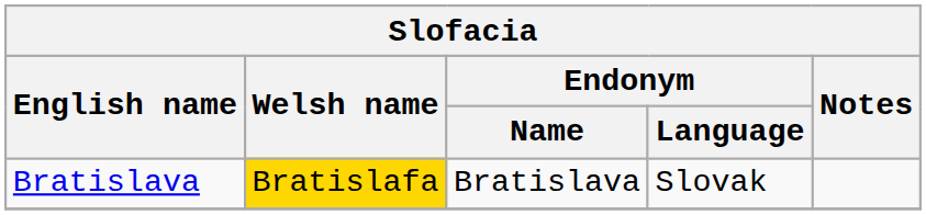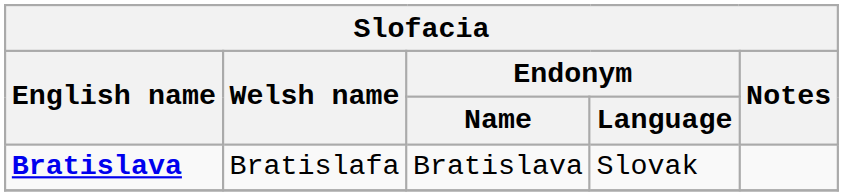 <table class="wikitable sortable">
 <tr>
 <th colspan="5"> Slofacia</th>
 </tr>
 <tr>
 <th rowspan="2">English name</th>
 <th rowspan="2">Welsh name</th>
 <th colspan="2">Endonym</th>
 <th rowspan="2">Notes</th>
 </tr>
 <tr>
 <th>Name</th>
 <th>Language</th>
 </tr>
 <tr>
-<td><a href='#'>Bratislava</a></td>
-<td style="background: gold;">Bratislafa</td>
+<td><strong><a href='#'>Bratislava</a></strong></td>
+<td>Bratislafa</td>
 <td>Bratislava</td>
 <td>Slovak</td>
 <td></td>
 </tr>
 <tr>
 </tr>
 </table>
